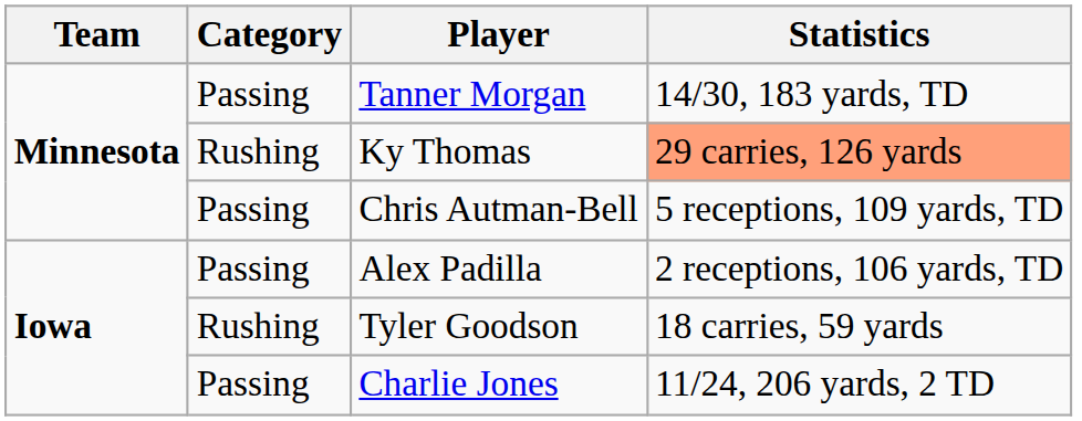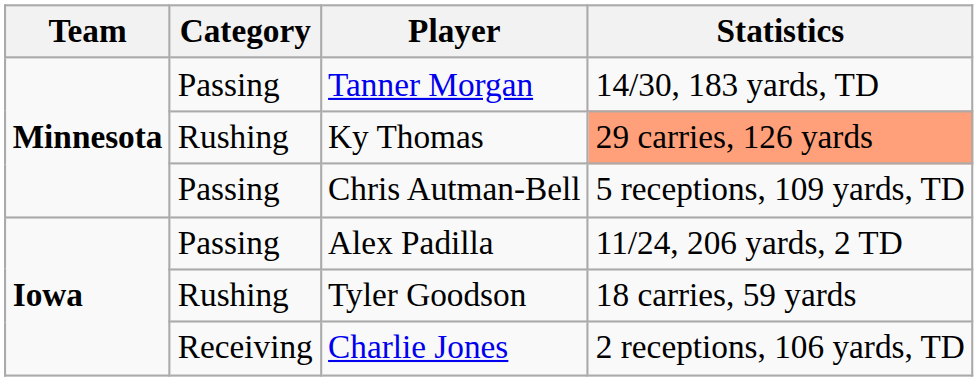 <table class="wikitable" style="float: left;">
 <tr>
 <th>Team</th>
 <th>Category</th>
 <th>Player</th>
 <th>Statistics</th>
 </tr>
 <tr>
 <td rowspan=3><strong>Minnesota</strong></td>
 <td>Passing</td>
 <td><a href='#'>Tanner Morgan</a></td>
 <td>14/30, 183 yards, TD</td>
 </tr>
 <tr>
 <td>Rushing</td>
 <td>Ky Thomas</td>
 <td style="background: lightsalmon;">29 carries, 126 yards</td>
 </tr>
 <tr>
 <td>Passing</td>
 <td>Chris Autman-Bell</td>
 <td>5 receptions, 109 yards, TD</td>
 </tr>
 <tr>
 <td rowspan=3><strong>Iowa</strong></td>
 <td>Passing</td>
 <td>Alex Padilla</td>
-<td>2 receptions, 106 yards, TD</td>
+<td>11/24, 206 yards, 2 TD</td>
 </tr>
 <tr>
 <td>Rushing</td>
 <td>Tyler Goodson</td>
 <td>18 carries, 59 yards</td>
 </tr>
 <tr>
-<td>Passing</td>
+<td>Receiving</td>
 <td><a href='#'>Charlie Jones</a></td>
-<td>11/24, 206 yards, 2 TD</td>
+<td>2 receptions, 106 yards, TD</td>
 </tr>
 </table>
